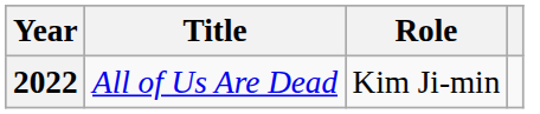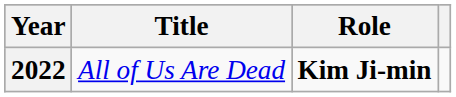 <table class="wikitable sortable plainrowheaders">
 <tr>
 <th scope="col">Year</th>
 <th scope="col">Title</th>
 <th scope="col">Role</th>
 <th scope="col" class="unsortable"></th>
 </tr>
 <tr>
 <th scope="row">2022</th>
 <td><em><a href='#'>All of Us Are Dead</a></em></td>
-<td>Kim Ji-min</td>
+<td><strong>Kim Ji-min</strong></td>
 <td></td>
 </tr>
 </table>
